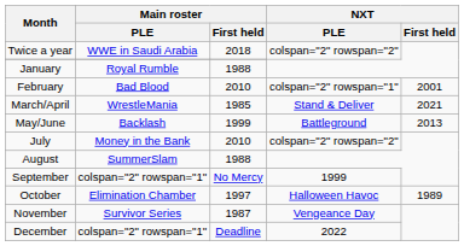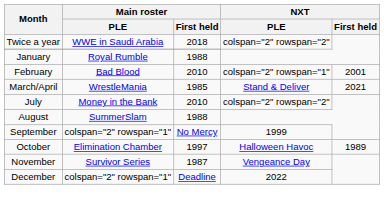 <table class="wikitable sortable" style="font-size:85%; text-align:center;">
 <tr>
 <th rowspan="2">Month</th>
 <th colspan="2">Main roster</th>
 <th colspan="2">NXT</th>
 </tr>
 <tr>
 <th>PLE</th>
 <th>First held</th>
 <th>PLE</th>
 <th>First held</th>
 </tr>
 <tr>
 <td>Twice a year</td>
 <td><a href='#'>WWE in Saudi Arabia</a></td>
 <td>2018</td>
 <td>colspan="2" rowspan="2" </td>
 </tr>
 <tr>
 </tr>
 <tr>
 <td>January</td>
 <td><a href='#'>Royal Rumble</a></td>
 <td>1988</td>
 </tr>
 <tr>
 <td>February</td>
 <td><a href='#'>Bad Blood</a></td>
 <td>2010</td>
 <td>colspan="2" rowspan="1" </td>
 <td>2001</td>
 </tr>
 <tr>
 <td>March/April</td>
 <td><a href='#'>WrestleMania</a></td>
 <td>1985</td>
 <td><a href='#'>Stand & Deliver</a></td>
 <td>2021</td>
 </tr>
 <tr>
-<td>May/June</td>
-<td><a href='#'>Backlash</a></td>
-<td>1999</td>
-<td><a href='#'>Battleground</a></td>
-<td>2013</td>
-</tr>
-<tr>
 <td>July</td>
 <td><a href='#'>Money in the Bank</a></td>
 <td>2010</td>
 <td>colspan="2" rowspan="2" </td>
 </tr>
 <tr>
 <td>August</td>
 <td><a href='#'>SummerSlam</a></td>
 <td>1988</td>
 </tr>
 <tr>
 <td>September</td>
 <td>colspan="2" rowspan="1" </td>
 <td><a href='#'>No Mercy</a></td>
 <td>1999</td>
 </tr>
 <tr>
 <td>October</td>
 <td><a href='#'>Elimination Chamber</a></td>
 <td>1997</td>
 <td><a href='#'>Halloween Havoc</a></td>
 <td>1989</td>
 </tr>
 <tr>
 <td>November</td>
 <td><a href='#'>Survivor Series</a></td>
 <td>1987</td>
 <td><a href='#'>Vengeance Day</a></td>
 </tr>
 <tr>
 <td>December</td>
 <td>colspan="2" rowspan="1" </td>
 <td><a href='#'>Deadline</a></td>
 <td>2022</td>
 </tr>
 </table>
